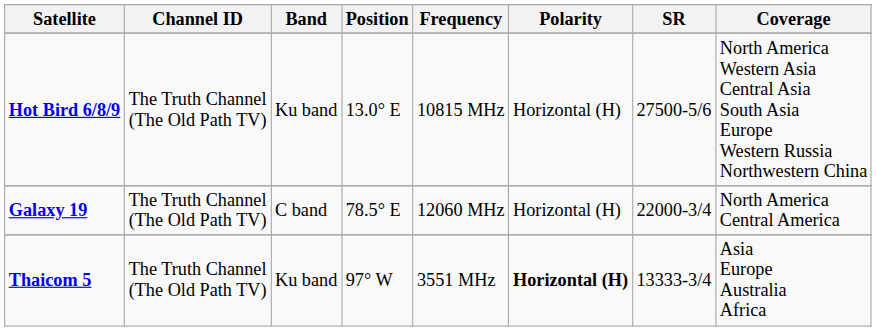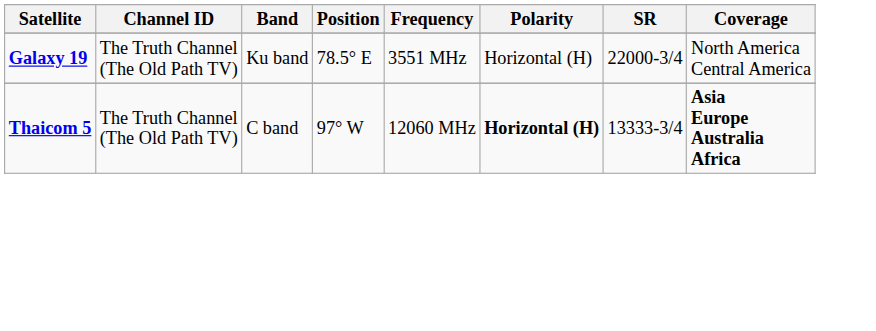 <table class="wikitable float center" style="=width:500px;">
 <tr>
 </tr>
 <tr style="font-size:100%">
 <th>Satellite</th>
 <th>Channel ID</th>
 <th>Band</th>
 <th>Position</th>
 <th>Frequency</th>
 <th>Polarity</th>
 <th>SR</th>
 <th>Coverage</th>
 </tr>
 <tr>
 </tr>
-<tr style="font-size:100%">
-<td><strong><a href='#'>Hot Bird 6/8/9</a></strong></td>
-<td>The Truth Channel<br>(The Old Path TV)</td>
-<td>Ku band</td>
-<td>13.0° E</td>
-<td>10815 MHz</td>
-<td>Horizontal (H)</td>
-<td>27500-5/6</td>
-<td>North America<br>Western Asia<br>Central Asia<br>South Asia<br>Europe<br>Western Russia<br>Northwestern China</td>
-</tr>
 <tr>
 </tr>
 <tr style="font-size:100%">
 <td><strong><a href='#'>Galaxy 19</a></strong></td>
 <td>The Truth Channel<br>(The Old Path TV)</td>
-<td>C band</td>
+<td>Ku band</td>
 <td>78.5° E</td>
-<td>12060 MHz</td>
+<td>3551 MHz</td>
 <td>Horizontal (H)</td>
 <td>22000-3/4</td>
 <td>North America<br>Central America</td>
 </tr>
 <tr>
 </tr>
 <tr style="font-size:100%">
 <td><strong><a href='#'>Thaicom 5</a></strong></td>
 <td>The Truth Channel<br>(The Old Path TV)</td>
-<td>Ku band</td>
+<td>C band</td>
 <td>97° W</td>
-<td>3551 MHz</td>
+<td>12060 MHz</td>
 <td><strong>Horizontal (H)</strong></td>
 <td>13333-3/4</td>
-<td>Asia<br>Europe<br>Australia<br>Africa</td>
+<td><strong>Asia<br>Europe<br>Australia<br>Africa</strong></td>
 </tr>
 </table>
